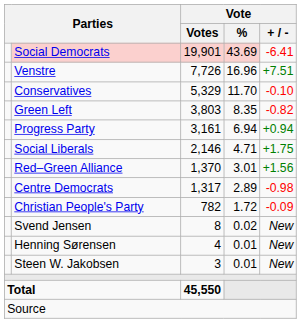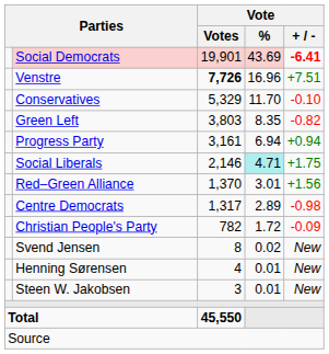 <table class="wikitable" style="text-align:right;">
 <tr>
 <th style="text-align:centre;" rowspan="2" colspan="2" width="225">Parties</th>
 <th colspan="3">Vote</th>
 </tr>
 <tr>
 <th width="15">Votes</th>
 <th width="15">%</th>
 <th width="15">+ / -</th>
 </tr>
 <tr>
 <td width="2" style="color:inherit;background:"></td>
 <td bgcolor=#fbd0ce  align="left"><a href='#'>Social Democrats</a></td>
 <td bgcolor=#fbd0ce>19,901</td>
 <td bgcolor=#fbd0ce>43.69</td>
-<td style=color:red;>-6.41</td>
+<td style=color:red;><strong>-6.41</strong></td>
 </tr>
 <tr>
 <td width="2" style="color:inherit;background:"></td>
 <td align="left"><a href='#'>Venstre</a></td>
-<td>7,726</td>
+<td><strong>7,726</strong></td>
 <td>16.96</td>
 <td style=color:green;>+7.51</td>
 </tr>
 <tr>
 <td width="2" style="color:inherit;background:"></td>
 <td align="left"><a href='#'>Conservatives</a></td>
 <td>5,329</td>
 <td>11.70</td>
 <td style=color:red;>-0.10</td>
 </tr>
 <tr>
 <td width="2" style="color:inherit;background:"></td>
 <td align="left"><a href='#'>Green Left</a></td>
 <td>3,803</td>
 <td>8.35</td>
 <td style=color:red;>-0.82</td>
 </tr>
 <tr>
 <td width="2" style="color:inherit;background:"></td>
 <td align="left"><a href='#'>Progress Party</a></td>
 <td>3,161</td>
 <td>6.94</td>
 <td style=color:green;>+0.94</td>
 </tr>
 <tr>
 <td width="2" style="color:inherit;background:"></td>
 <td align="left"><a href='#'>Social Liberals</a></td>
 <td>2,146</td>
-<td>4.71</td>
+<td style="background: paleturquoise;">4.71</td>
 <td style=color:green;>+1.75</td>
 </tr>
 <tr>
 <td width="2" style="color:inherit;background:"></td>
 <td align="left"><a href='#'>Red–Green Alliance</a></td>
 <td>1,370</td>
 <td>3.01</td>
 <td style=color:green;>+1.56</td>
 </tr>
 <tr>
 <td width="2" style="color:inherit;background:"></td>
 <td align="left"><a href='#'>Centre Democrats</a></td>
 <td>1,317</td>
 <td>2.89</td>
 <td style=color:red;>-0.98</td>
 </tr>
 <tr>
 <td width="2" style="color:inherit;background:"></td>
 <td align="left"><a href='#'>Christian People's Party</a></td>
 <td>782</td>
 <td>1.72</td>
 <td style=color:red;>-0.09</td>
 </tr>
 <tr>
 <td width="2" style="color:inherit;background:"></td>
 <td align="left">Svend Jensen</td>
 <td>8</td>
 <td>0.02</td>
 <td><em>New</em></td>
 </tr>
 <tr>
 <td width="2" style="color:inherit;background:"></td>
 <td align="left">Henning Sørensen</td>
 <td>4</td>
 <td>0.01</td>
 <td><em>New</em></td>
 </tr>
 <tr>
 <td width="2" style="color:inherit;background:"></td>
 <td align="left">Steen W. Jakobsen</td>
 <td>3</td>
 <td>0.01</td>
 <td><em>New</em></td>
 </tr>
 <tr>
 <td colspan="7" bgcolor="#E9E9E9"></td>
 </tr>
 <tr>
 <td align="left" colspan="2"><strong>Total</strong></td>
 <td><strong>45,550</strong></td>
 <td bgcolor="#E9E9E9" colspan="2"></td>
 </tr>
 <tr>
 <td align="left" colspan="6">Source</td>
 </tr>
 </table>
